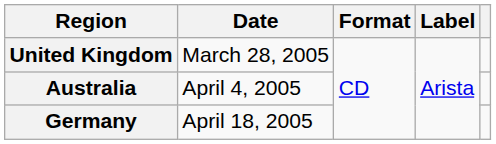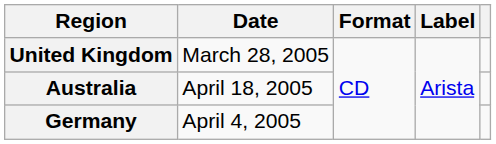 <table class="wikitable plainrowheaders">
 <tr>
 <th scope="col">Region</th>
 <th scope="col">Date</th>
 <th scope="col">Format</th>
 <th scope="col">Label</th>
 <th scope="col"></th>
 </tr>
 <tr>
 <th scope="row">United Kingdom</th>
 <td>March 28, 2005</td>
 <td rowspan="3"><a href='#'>CD</a></td>
 <td rowspan="3"><a href='#'>Arista</a></td>
 <td style="text-align:center;"></td>
 </tr>
 <tr>
 <th scope="row">Australia</th>
-<td>April 4, 2005</td>
+<td>April 18, 2005</td>
 <td style="text-align:center;"></td>
 </tr>
 <tr>
 <th scope="row">Germany</th>
-<td>April 18, 2005</td>
+<td>April 4, 2005</td>
 <td style="text-align:center;"></td>
 </tr>
 </table>
